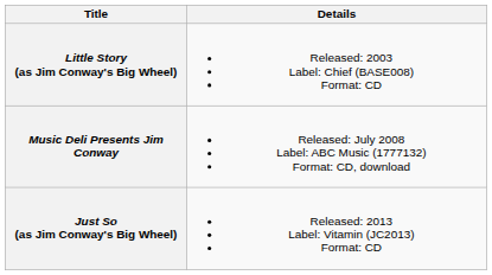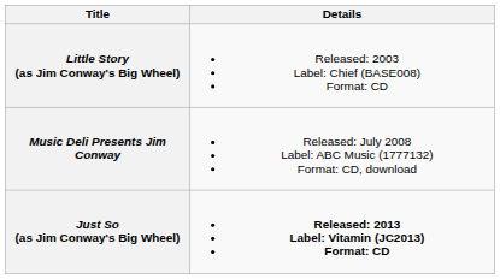 <table class="wikitable plainrowheaders" style="text-align:center;" border="1">
 <tr>
 <th scope="col" style="width:15em;">Title</th>
 <th scope="col" style="width:25em;">Details</th>
 </tr>
 <tr>
 <th scope="row"><em>Little Story</em> <br>(as Jim Conway's Big Wheel)</th>
 <td><br><ul><li>Released: 2003</li><li>Label: Chief (BASE008)</li><li>Format: CD</li></ul></td>
 </tr>
 <tr>
 <th scope="row"><em>Music Deli Presents Jim Conway</em></th>
 <td><br><ul><li>Released: July 2008</li><li>Label: ABC Music (1777132)</li><li>Format: CD, download</li></ul></td>
 </tr>
 <tr>
 <th scope="row"><em>Just So</em> <br>(as Jim Conway's Big Wheel)</th>
-<td><br><ul><li>Released: 2013</li><li>Label: Vitamin (JC2013)</li><li>Format: CD</li></ul></td>
+<td><strong><br><ul><li>Released: 2013</li><li>Label: Vitamin (JC2013)</li><li>Format: CD</li></ul></strong></td>
 </tr>
 </table>
